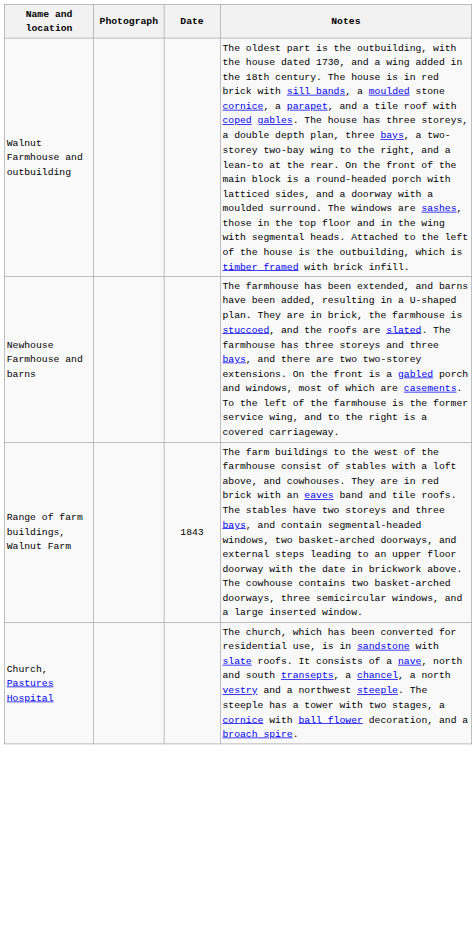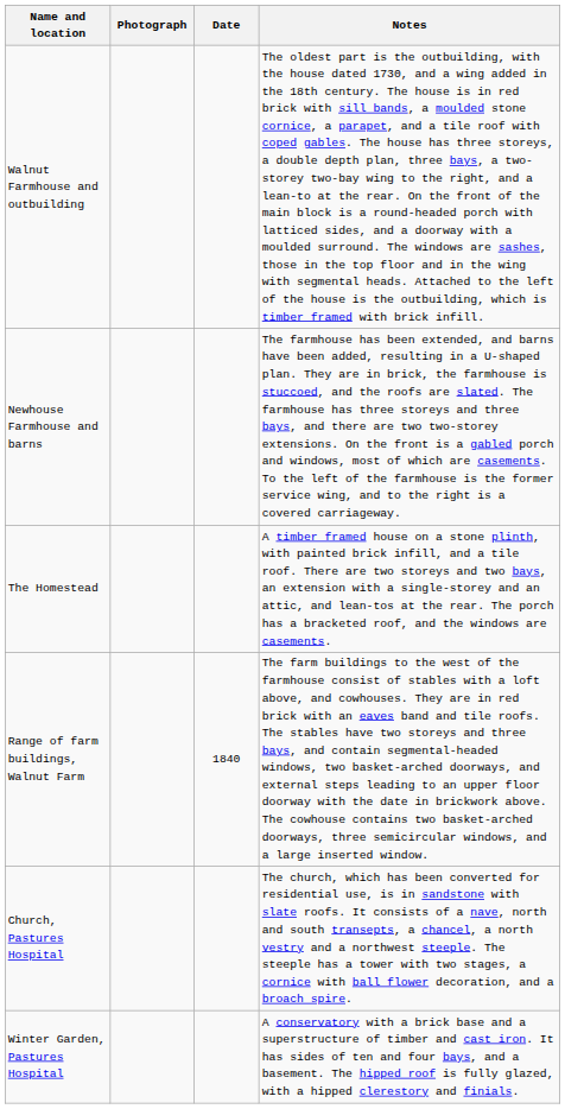 <table class="wikitable sortable plainrowheaders" style="width:100%;border:0px;text-align:left;line-height:150%;">
 <tr>
 <th scope="col"  style="width:150px">Name and location</th>
 <th scope="col"  style="width:100px" class="unsortable">Photograph</th>
 <th scope="col"  style="width:120px">Date</th>
 <th scope="col"  style="width:650px" class="unsortable">Notes</th>
 </tr>
 <tr>
 <td>Walnut Farmhouse and outbuilding<br><small></small></td>
 <td></td>
 <td align="center"></td>
 <td>The oldest part is the outbuilding, with the house dated 1730, and a wing added in the 18th century.  The house is in red brick with <a href='#'>sill bands</a>, a <a href='#'>moulded</a> stone <a href='#'>cornice</a>, a <a href='#'>parapet</a>, and a tile roof with <a href='#'>coped</a> <a href='#'>gables</a>.  The house has three storeys, a double depth plan, three <a href='#'>bays</a>, a two-storey two-bay wing to the right, and a lean-to at the rear.  On the front of the main block is a round-headed porch with latticed sides, and a doorway with a moulded surround.  The windows are <a href='#'>sashes</a>, those in the top floor and in the wing with segmental heads.  Attached to the left of the house is the outbuilding, which is <a href='#'>timber framed</a> with brick infill.</td>
 </tr>
 <tr>
 <td>Newhouse Farmhouse and barns<br><small></small></td>
 <td></td>
 <td align="center"></td>
 <td>The farmhouse has been extended, and barns have been added, resulting in a U-shaped plan.  They are in brick, the farmhouse is <a href='#'>stuccoed</a>, and the roofs are <a href='#'>slated</a>.  The farmhouse has three storeys and three <a href='#'>bays</a>, and there are two two-storey extensions.  On the front is a <a href='#'>gabled</a> porch and windows, most of which are <a href='#'>casements</a>.  To the left of the farmhouse is the former service wing, and to the right is a covered carriageway.</td>
 </tr>
 <tr>
+<td>The Homestead<br><small></small></td>
+<td></td>
+<td align="center"></td>
+<td>A <a href='#'>timber framed</a> house on a stone <a href='#'>plinth</a>, with painted brick infill, and a tile roof.  There are two storeys and two <a href='#'>bays</a>, an extension with a single-storey and an attic, and lean-tos at the rear.  The porch has a bracketed roof, and the windows are <a href='#'>casements</a>.</td>
+</tr>
+<tr>
 <td>Range of farm buildings, Walnut Farm<br><small></small></td>
 <td></td>
-<td align="center">1843</td>
+<td align="center">1840</td>
 <td>The farm buildings to the west of the farmhouse consist of stables with a loft above, and cowhouses.  They are in red brick with an <a href='#'>eaves</a> band and tile roofs.  The stables have two storeys and three <a href='#'>bays</a>, and contain segmental-headed windows, two basket-arched doorways, and external steps leading to an upper floor doorway with the date in brickwork above.  The cowhouse contains two basket-arched doorways, three semicircular windows, and a large inserted window.</td>
 </tr>
 <tr>
 <td>Church, <a href='#'>Pastures Hospital</a><br><small></small></td>
 <td></td>
 <td align="center"></td>
 <td>The church, which has been converted for residential use, is in <a href='#'>sandstone</a> with <a href='#'>slate</a> roofs.  It consists of a <a href='#'>nave</a>, north and south <a href='#'>transepts</a>, a <a href='#'>chancel</a>, a north <a href='#'>vestry</a> and a northwest <a href='#'>steeple</a>.  The steeple has a tower with two stages, a <a href='#'>cornice</a> with <a href='#'>ball flower</a> decoration, and a <a href='#'>broach spire</a>.</td>
 </tr>
 <tr>
+<td>Winter Garden, <a href='#'>Pastures Hospital</a><br><small></small></td>
+<td></td>
+<td align="center"></td>
+<td>A <a href='#'>conservatory</a> with a brick base and a superstructure of timber and <a href='#'>cast iron</a>.  It has sides of ten and four <a href='#'>bays</a>, and a basement.  The <a href='#'>hipped roof</a> is fully glazed, with a hipped <a href='#'>clerestory</a> and <a href='#'>finials</a>.</td>
+</tr>
+<tr>
 </tr>
 </table>
